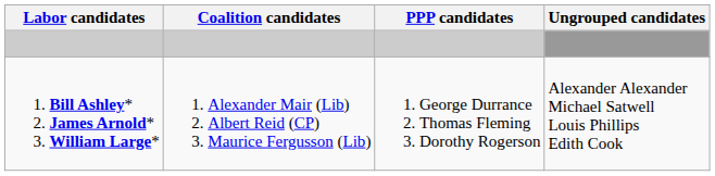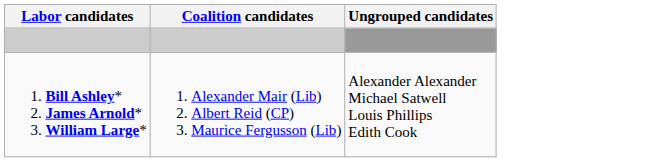 <table class="wikitable">
 <tr>
 <th><a href='#'>Labor</a> candidates</th>
 <th><a href='#'>Coalition</a> candidates</th>
-<th><a href='#'>PPP</a> candidates</th>
 <th>Ungrouped candidates</th>
 </tr>
 <tr bgcolor="#cccccc">
-<td></td>
 <td></td>
 <td></td>
 <td bgcolor="#999999"> </td>
 </tr>
 <tr>
 <td><br><ol><li><strong><a href='#'>Bill Ashley</a></strong>*</li><li><strong><a href='#'>James Arnold</a></strong>*</li><li><strong><a href='#'>William Large</a></strong>*</li></ol></td>
 <td valign=top><br><ol><li><a href='#'>Alexander Mair</a> (<a href='#'>Lib</a>)</li><li><a href='#'>Albert Reid</a> (<a href='#'>CP</a>)</li><li><a href='#'>Maurice Fergusson</a> (<a href='#'>Lib</a>)</li></ol></td>
-<td valign=top><br><ol><li>George Durrance</li><li>Thomas Fleming</li><li>Dorothy Rogerson</li></ol></td>
 <td valign=top><br>Alexander Alexander<br> Michael Satwell<br> Louis Phillips<br> Edith Cook</td>
 </tr>
 </table>
